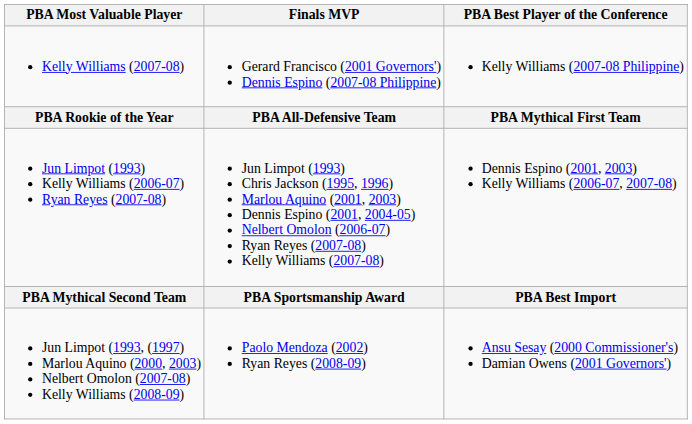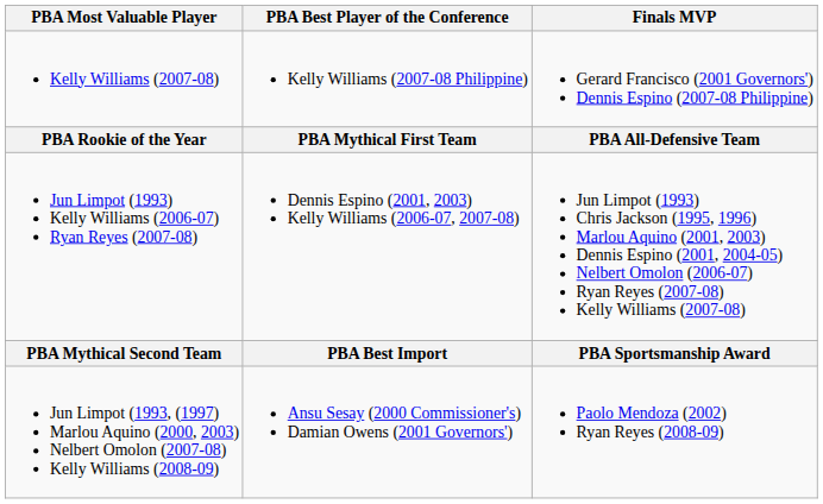 <table class=wikitable>
 <tr>
 <th>PBA Most Valuable Player</th>
+<th>PBA Best Player of the Conference</th>
 <th>Finals MVP</th>
-<th>PBA Best Player of the Conference</th>
 </tr>
 <tr>
 <td valign="top"><br><ul><li><a href='#'>Kelly Williams</a> (<a href='#'>2007-08</a>)</li></ul></td>
+<td valign="top"><br><ul><li>Kelly Williams (<a href='#'>2007-08 Philippine</a>)</li></ul></td>
 <td valign="top"><br><ul><li>Gerard Francisco (<a href='#'>2001 Governors'</a>)</li><li><a href='#'>Dennis Espino</a> (<a href='#'>2007-08 Philippine</a>)</li></ul></td>
-<td valign="top"><br><ul><li>Kelly Williams (<a href='#'>2007-08 Philippine</a>)</li></ul></td>
 </tr>
 <tr>
 <th>PBA Rookie of the Year</th>
+<th>PBA Mythical First Team</th>
 <th>PBA All-Defensive Team</th>
-<th>PBA Mythical First Team</th>
 </tr>
 <tr>
 <td valign="top"><br><ul><li><a href='#'>Jun Limpot</a> (<a href='#'>1993</a>)</li><li>Kelly Williams (<a href='#'>2006-07</a>)</li><li><a href='#'>Ryan Reyes</a> (<a href='#'>2007-08</a>)</li></ul></td>
+<td valign="top"><br><ul><li>Dennis Espino (<a href='#'>2001</a>, <a href='#'>2003</a>)</li><li>Kelly Williams (<a href='#'>2006-07</a>, <a href='#'>2007-08</a>)</li></ul></td>
 <td valign="top"><br><ul><li>Jun Limpot (<a href='#'>1993</a>)</li><li>Chris Jackson (<a href='#'>1995</a>, <a href='#'>1996</a>)</li><li><a href='#'>Marlou Aquino</a> (<a href='#'>2001</a>, <a href='#'>2003</a>)</li><li>Dennis Espino (<a href='#'>2001</a>, <a href='#'>2004-05</a>)</li><li><a href='#'>Nelbert Omolon</a> (<a href='#'>2006-07</a>)</li><li>Ryan Reyes (<a href='#'>2007-08</a>)</li><li>Kelly Williams (<a href='#'>2007-08</a>)</li></ul></td>
-<td valign="top"><br><ul><li>Dennis Espino (<a href='#'>2001</a>, <a href='#'>2003</a>)</li><li>Kelly Williams (<a href='#'>2006-07</a>, <a href='#'>2007-08</a>)</li></ul></td>
 </tr>
 <tr>
 <th>PBA Mythical Second Team</th>
+<th>PBA Best Import</th>
 <th>PBA Sportsmanship Award</th>
-<th>PBA Best Import</th>
 </tr>
 <tr>
 <td valign="top"><br><ul><li>Jun Limpot (<a href='#'>1993</a>, (<a href='#'>1997</a>)</li><li>Marlou Aquino (<a href='#'>2000</a>, <a href='#'>2003</a>)</li><li>Nelbert Omolon (<a href='#'>2007-08</a>)</li><li>Kelly Williams (<a href='#'>2008-09</a>)</li></ul></td>
+<td valign="top"><br><ul><li><a href='#'>Ansu Sesay</a> (<a href='#'>2000 Commissioner's</a>)</li><li>Damian Owens (<a href='#'>2001 Governors'</a>)</li></ul></td>
 <td valign="top"><br><ul><li><a href='#'>Paolo Mendoza</a> (<a href='#'>2002</a>)</li><li>Ryan Reyes (<a href='#'>2008-09</a>)</li></ul></td>
-<td valign="top"><br><ul><li><a href='#'>Ansu Sesay</a> (<a href='#'>2000 Commissioner's</a>)</li><li>Damian Owens (<a href='#'>2001 Governors'</a>)</li></ul></td>
 </tr>
 </table>
